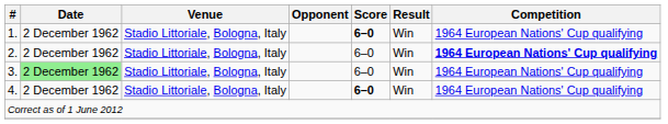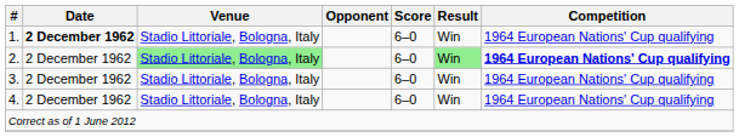 <table class="wikitable" style="font-size:95%;">
 <tr>
 <th>#</th>
 <th>Date</th>
 <th>Venue</th>
 <th>Opponent</th>
 <th>Score</th>
 <th>Result</th>
 <th>Competition</th>
 </tr>
 <tr>
 <td>1.</td>
-<td>2 December 1962</td>
+<td><strong>2 December 1962</strong></td>
 <td><a href='#'>Stadio Littoriale</a>, <a href='#'>Bologna</a>, Italy</td>
 <td></td>
-<td><strong>6–0</strong></td>
+<td>6–0</td>
 <td>Win</td>
 <td><a href='#'>1964 European Nations' Cup qualifying</a></td>
 </tr>
 <tr>
 <td>2.</td>
 <td>2 December 1962</td>
-<td><a href='#'>Stadio Littoriale</a>, <a href='#'>Bologna</a>, Italy</td>
+<td style="background: lightgreen;"><a href='#'>Stadio Littoriale</a>, <a href='#'>Bologna</a>, Italy</td>
 <td></td>
 <td>6–0</td>
-<td>Win</td>
+<td style="background: lightgreen;">Win</td>
 <td><strong><a href='#'>1964 European Nations' Cup qualifying</a></strong></td>
 </tr>
 <tr>
 <td>3.</td>
-<td style="background: lightgreen;">2 December 1962</td>
+<td>2 December 1962</td>
 <td><a href='#'>Stadio Littoriale</a>, <a href='#'>Bologna</a>, Italy</td>
 <td></td>
 <td>6–0</td>
 <td>Win</td>
 <td><a href='#'>1964 European Nations' Cup qualifying</a></td>
 </tr>
 <tr>
 <td>4.</td>
 <td>2 December 1962</td>
 <td><a href='#'>Stadio Littoriale</a>, <a href='#'>Bologna</a>, Italy</td>
 <td></td>
-<td><strong>6–0</strong></td>
+<td>6–0</td>
 <td>Win</td>
 <td><a href='#'>1964 European Nations' Cup qualifying</a></td>
 </tr>
 <tr>
 <td colspan="12"><small><em>Correct as of 1 June 2012</em></small></td>
 </tr>
 <tr>
 </tr>
 </table>
